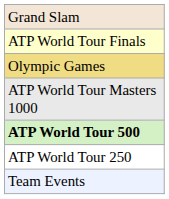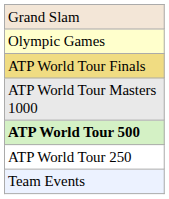 <table class="wikitable"  style="font-size:95%; width:13%;">
 <tr style="background:#f3e6d7;">
 <td>Grand Slam</td>
 </tr>
 <tr style="background:#ffffcc;">
-<td>ATP World Tour Finals</td>
+<td>Olympic Games</td>
 </tr>
 <tr bgcolor=#F0DC82>
-<td>Olympic Games</td>
+<td>ATP World Tour Finals</td>
 </tr>
 <tr style="background:#e9e9e9;">
 <td>ATP World Tour Masters 1000</td>
 </tr>
 <tr style="background:#d4f1c5;">
 <td><strong>ATP World Tour 500</strong></td>
 </tr>
 <tr style="background:#ffffff;">
 <td>ATP World Tour 250</td>
 </tr>
 <tr |- style="background:#ecf2ff;">
 <td>Team Events</td>
 </tr>
 </table>
